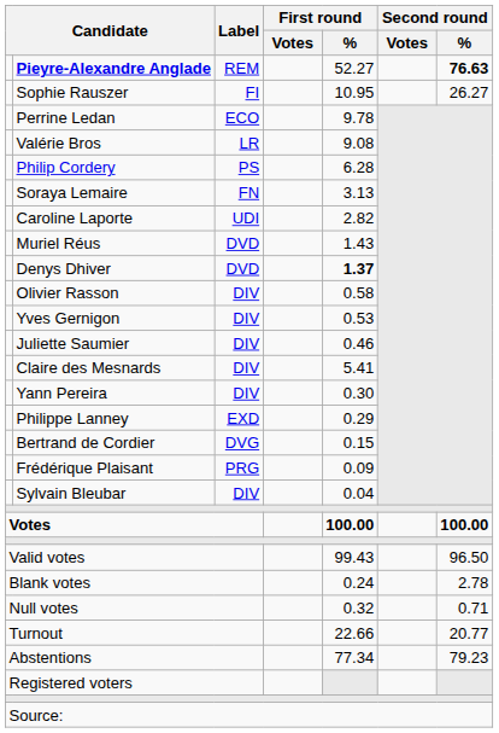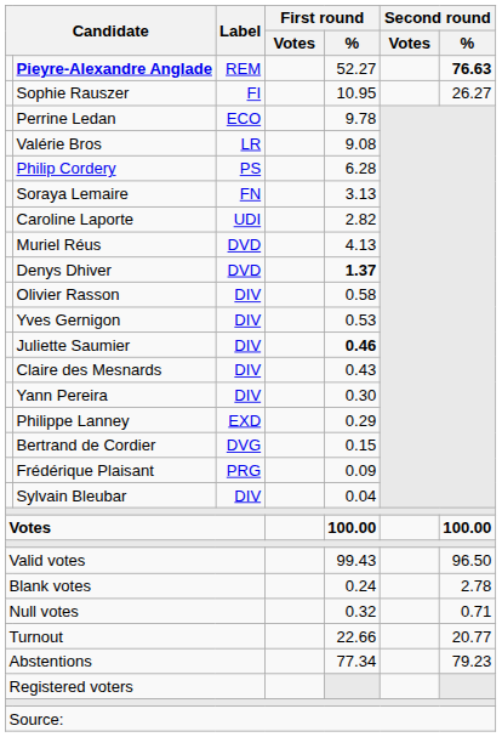 <table class="wikitable" style="text-align:right;font-size:95%;">
 <tr>
 <th colspan="2" rowspan="2">Candidate</th>
 <th rowspan="2">Label</th>
 <th colspan="2">First round</th>
 <th colspan="2">Second round</th>
 </tr>
 <tr>
 <th style="width:50px;">Votes</th>
 <th style="width:45px;">%</th>
 <th style="width:50px;">Votes</th>
 <th style="width:45px;">%</th>
 </tr>
 <tr>
 <td style="color:inherit;background:"></td>
 <td style="text-align:left;"><strong><a href='#'>Pieyre-Alexandre Anglade</a></strong></td>
 <td><a href='#'>REM</a></td>
 <td></td>
 <td>52.27</td>
 <td><strong></strong></td>
 <td><strong>76.63</strong></td>
 </tr>
 <tr>
 <td style="color:inherit;background:"></td>
 <td style="text-align:left;">Sophie Rauszer</td>
 <td><a href='#'>FI</a></td>
 <td></td>
 <td>10.95</td>
 <td></td>
 <td>26.27</td>
 </tr>
 <tr>
 <td style="color:inherit;background:"></td>
 <td style="text-align:left;">Perrine Ledan</td>
 <td><a href='#'>ECO</a></td>
 <td></td>
 <td>9.78</td>
 <td colspan="2" rowspan="16" style="background:#E9E9E9;"></td>
 </tr>
 <tr>
 <td style="color:inherit;background:"></td>
 <td style="text-align:left;">Valérie Bros</td>
 <td><a href='#'>LR</a></td>
 <td></td>
 <td>9.08</td>
 </tr>
 <tr>
 <td style="color:inherit;background:"></td>
 <td style="text-align:left;"><a href='#'>Philip Cordery</a></td>
 <td><a href='#'>PS</a></td>
 <td></td>
 <td>6.28</td>
 </tr>
 <tr>
 <td style="color:inherit;background:"></td>
 <td style="text-align:left;">Soraya Lemaire</td>
 <td><a href='#'>FN</a></td>
 <td></td>
 <td>3.13</td>
 </tr>
 <tr>
 <td style="color:inherit;background:"></td>
 <td style="text-align:left;">Caroline Laporte</td>
 <td><a href='#'>UDI</a></td>
 <td></td>
 <td>2.82</td>
 </tr>
 <tr>
 <td style="color:inherit;background:"></td>
 <td style="text-align:left;">Muriel Réus</td>
 <td><a href='#'>DVD</a></td>
 <td></td>
-<td>1.43</td>
+<td>4.13</td>
 </tr>
 <tr>
 <td style="color:inherit;background:"></td>
 <td style="text-align:left;">Denys Dhiver</td>
 <td><a href='#'>DVD</a></td>
 <td></td>
 <td><strong>1.37</strong></td>
 </tr>
 <tr>
 <td style="color:inherit;background:"></td>
 <td style="text-align:left;">Olivier Rasson</td>
 <td><a href='#'>DIV</a></td>
 <td></td>
 <td>0.58</td>
 </tr>
 <tr>
 <td style="color:inherit;background:"></td>
 <td style="text-align:left;">Yves Gernigon</td>
 <td><a href='#'>DIV</a></td>
 <td></td>
 <td>0.53</td>
 </tr>
 <tr>
 <td style="color:inherit;background:"></td>
 <td style="text-align:left;">Juliette Saumier</td>
 <td><a href='#'>DIV</a></td>
 <td></td>
-<td>0.46</td>
+<td><strong>0.46</strong></td>
 </tr>
 <tr>
 <td style="color:inherit;background:"></td>
 <td style="text-align:left;">Claire des Mesnards</td>
 <td><a href='#'>DIV</a></td>
 <td></td>
-<td>5.41</td>
+<td>0.43</td>
 </tr>
 <tr>
 <td style="color:inherit;background:"></td>
 <td style="text-align:left;">Yann Pereira</td>
 <td><a href='#'>DIV</a></td>
 <td></td>
 <td>0.30</td>
 </tr>
 <tr>
 <td style="color:inherit;background:"></td>
 <td style="text-align:left;">Philippe Lanney</td>
 <td><a href='#'>EXD</a></td>
 <td></td>
 <td>0.29</td>
 </tr>
 <tr>
 <td style="color:inherit;background:"></td>
 <td style="text-align:left;">Bertrand de Cordier</td>
 <td><a href='#'>DVG</a></td>
 <td></td>
 <td>0.15</td>
 </tr>
 <tr>
 <td style="color:inherit;background:"></td>
 <td style="text-align:left;">Frédérique Plaisant</td>
 <td><a href='#'>PRG</a></td>
 <td></td>
 <td>0.09</td>
 </tr>
 <tr>
 <td style="color:inherit;background:"></td>
 <td style="text-align:left;">Sylvain Bleubar</td>
 <td><a href='#'>DIV</a></td>
 <td></td>
 <td>0.04</td>
 </tr>
 <tr>
 <td colspan="7" style="background:#E9E9E9;"></td>
 </tr>
 <tr style="font-weight:bold;">
 <td colspan="3" style="text-align:left;">Votes</td>
 <td></td>
 <td>100.00</td>
 <td></td>
 <td>100.00</td>
 </tr>
 <tr>
 <td colspan="7" style="background:#E9E9E9;"></td>
 </tr>
 <tr>
 <td colspan="3" style="text-align:left;">Valid votes</td>
 <td></td>
 <td>99.43</td>
 <td></td>
 <td>96.50</td>
 </tr>
 <tr>
 <td colspan="3" style="text-align:left;">Blank votes</td>
 <td></td>
 <td>0.24</td>
 <td></td>
 <td>2.78</td>
 </tr>
 <tr>
 <td colspan="3" style="text-align:left;">Null votes</td>
 <td></td>
 <td>0.32</td>
 <td></td>
 <td>0.71</td>
 </tr>
 <tr>
 <td colspan="3" style="text-align:left;">Turnout</td>
 <td></td>
 <td>22.66</td>
 <td></td>
 <td>20.77</td>
 </tr>
 <tr>
 <td colspan="3" style="text-align:left;">Abstentions</td>
 <td></td>
 <td>77.34</td>
 <td></td>
 <td>79.23</td>
 </tr>
 <tr>
 <td colspan="3" style="text-align:left;">Registered voters</td>
 <td></td>
 <td style="background:#E9E9E9;"></td>
 <td></td>
 <td style="background:#E9E9E9;"></td>
 </tr>
 <tr>
 <td colspan="7" style="background:#E9E9E9;"></td>
 </tr>
 <tr>
 <td colspan="7" style="text-align:left;">Source: </td>
 </tr>
 </table>
